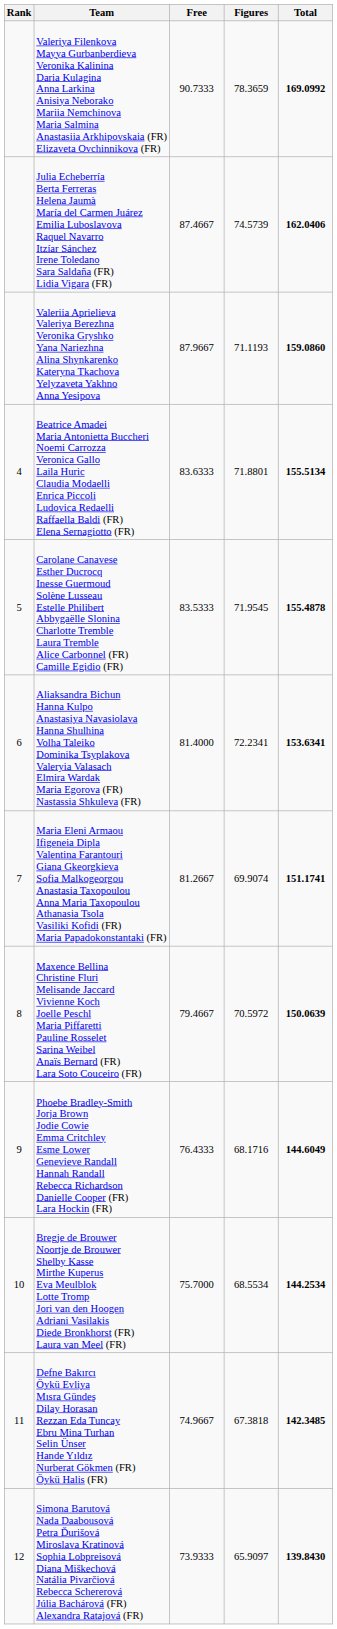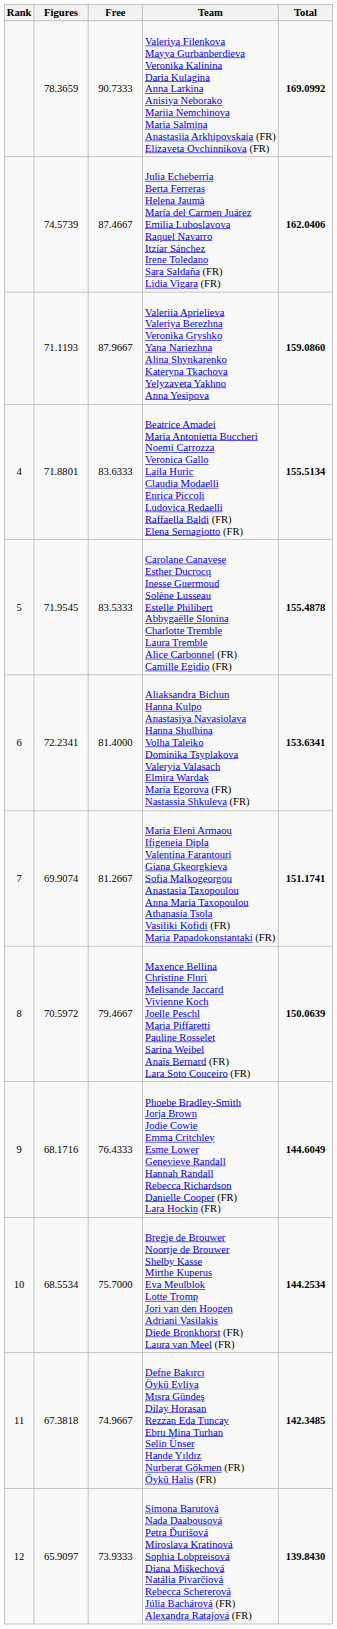 <table class="wikitable sortable" style="text-align:center">
 <tr>
 <th>Rank</th>
+<th width=75>Figures</th>
+<th width=75>Free</th>
 <th>Team</th>
-<th width=75>Free</th>
-<th width=75>Figures</th>
 <th width=75>Total</th>
 </tr>
 <tr>
 <td></td>
+<td>78.3659</td>
+<td>90.7333</td>
 <td align=left><br><a href='#'>Valeriya Filenkova</a><br><a href='#'>Mayya Gurbanberdieva</a><br><a href='#'>Veronika Kalinina</a><br><a href='#'>Daria Kulagina</a><br><a href='#'>Anna Larkina</a><br><a href='#'>Anisiya Neborako</a><br><a href='#'>Mariia Nemchinova</a><br><a href='#'>Maria Salmina</a><br><a href='#'>Anastasiia Arkhipovskaia</a> (FR)<br><a href='#'>Elizaveta Ovchinnikova</a> (FR)</td>
-<td>90.7333</td>
-<td>78.3659</td>
 <td><strong>169.0992</strong></td>
 </tr>
 <tr>
 <td></td>
+<td>74.5739</td>
+<td>87.4667</td>
 <td align=left><br><a href='#'>Julia Echeberría</a><br><a href='#'>Berta Ferreras</a><br><a href='#'>Helena Jaumà</a><br><a href='#'>María del Carmen Juárez</a><br><a href='#'>Emilia Luboslavova</a><br><a href='#'>Raquel Navarro</a><br><a href='#'>Itzíar Sánchez</a><br><a href='#'>Irene Toledano</a><br><a href='#'>Sara Saldaña</a> (FR)<br><a href='#'>Lidia Vigara</a> (FR)</td>
-<td>87.4667</td>
-<td>74.5739</td>
 <td><strong>162.0406</strong></td>
 </tr>
 <tr>
 <td></td>
+<td>71.1193</td>
+<td>87.9667</td>
 <td align=left><br><a href='#'>Valeriia Aprielieva</a><br><a href='#'>Valeriya Berezhna</a><br><a href='#'>Veronika Gryshko</a><br><a href='#'>Yana Nariezhna</a><br><a href='#'>Alina Shynkarenko</a><br><a href='#'>Kateryna Tkachova</a><br><a href='#'>Yelyzaveta Yakhno</a><br><a href='#'>Anna Yesipova</a></td>
-<td>87.9667</td>
-<td>71.1193</td>
 <td><strong>159.0860</strong></td>
 </tr>
 <tr>
 <td>4</td>
+<td>71.8801</td>
+<td>83.6333</td>
 <td align=left><br><a href='#'>Beatrice Amadei</a><br><a href='#'>Maria Antonietta Buccheri</a><br><a href='#'>Noemi Carrozza</a><br><a href='#'>Veronica Gallo</a><br><a href='#'>Laila Huric</a><br><a href='#'>Claudia Modaelli</a><br><a href='#'>Enrica Piccoli</a><br><a href='#'>Ludovica Redaelli</a><br><a href='#'>Raffaella Baldi</a> (FR)<br><a href='#'>Elena Sernagiotto</a> (FR)</td>
-<td>83.6333</td>
-<td>71.8801</td>
 <td><strong>155.5134</strong></td>
 </tr>
 <tr>
 <td>5</td>
+<td>71.9545</td>
+<td>83.5333</td>
 <td align=left><br><a href='#'>Carolane Canavese</a><br><a href='#'>Esther Ducrocq</a><br><a href='#'>Inesse Guermoud</a><br><a href='#'>Solène Lusseau</a><br><a href='#'>Estelle Philibert</a><br><a href='#'>Abbygaëlle Slonina</a><br><a href='#'>Charlotte Tremble</a><br><a href='#'>Laura Tremble</a><br><a href='#'>Alice Carbonnel</a> (FR)<br><a href='#'>Camille Egidio</a> (FR)</td>
-<td>83.5333</td>
-<td>71.9545</td>
 <td><strong>155.4878</strong></td>
 </tr>
 <tr>
 <td>6</td>
+<td>72.2341</td>
+<td>81.4000</td>
 <td align=left><br> <a href='#'>Aliaksandra Bichun</a><br> <a href='#'>Hanna Kulpo</a><br><a href='#'>Anastasiya Navasiolava</a><br><a href='#'>Hanna Shulhina</a><br><a href='#'>Volha Taleiko</a><br><a href='#'>Dominika Tsyplakova</a><br><a href='#'>Valeryia Valasach</a><br><a href='#'>Elmira Wardak</a><br><a href='#'>Maria Egorova</a> (FR)<br><a href='#'>Nastassia Shkuleva</a> (FR)</td>
-<td>81.4000</td>
-<td>72.2341</td>
 <td><strong>153.6341</strong></td>
 </tr>
 <tr>
 <td>7</td>
+<td>69.9074</td>
+<td>81.2667</td>
 <td align=left><br><a href='#'>Maria Eleni Armaou</a><br><a href='#'>Ifigeneia Dipla</a><br><a href='#'>Valentina Farantouri</a><br><a href='#'>Giana Gkeorgkieva</a><br><a href='#'>Sofia Malkogeorgou</a><br><a href='#'>Anastasia Taxopoulou</a><br><a href='#'>Anna Maria Taxopoulou</a><br><a href='#'>Athanasia Tsola</a><br><a href='#'>Vasiliki Kofidi</a> (FR)<br><a href='#'>Maria Papadokonstantaki</a> (FR)</td>
-<td>81.2667</td>
-<td>69.9074</td>
 <td><strong>151.1741</strong></td>
 </tr>
 <tr>
 <td>8</td>
+<td>70.5972</td>
+<td>79.4667</td>
 <td align=left><br><a href='#'>Maxence Bellina</a><br><a href='#'>Christine Fluri</a><br><a href='#'>Melisande Jaccard</a><br><a href='#'>Vivienne Koch</a><br><a href='#'>Joelle Peschl</a><br><a href='#'>Maria Piffaretti</a><br><a href='#'>Pauline Rosselet</a><br><a href='#'>Sarina Weibel</a><br><a href='#'>Anaïs Bernard</a> (FR)<br><a href='#'>Lara Soto Couceiro</a> (FR)</td>
-<td>79.4667</td>
-<td>70.5972</td>
 <td><strong>150.0639</strong></td>
 </tr>
 <tr>
 <td>9</td>
+<td>68.1716</td>
+<td>76.4333</td>
 <td align=left><br><a href='#'>Phoebe Bradley-Smith</a><br><a href='#'>Jorja Brown</a><br><a href='#'>Jodie Cowie</a><br><a href='#'>Emma Critchley</a><br><a href='#'>Esme Lower</a><br><a href='#'>Genevieve Randall</a><br><a href='#'>Hannah Randall</a><br><a href='#'>Rebecca Richardson</a><br><a href='#'>Danielle Cooper</a> (FR)<br> <a href='#'>Lara Hockin</a> (FR)</td>
-<td>76.4333</td>
-<td>68.1716</td>
 <td><strong>144.6049</strong></td>
 </tr>
 <tr>
 <td>10</td>
+<td>68.5534</td>
+<td>75.7000</td>
 <td align=left><br><a href='#'>Bregje de Brouwer</a><br><a href='#'>Noortje de Brouwer</a><br><a href='#'>Shelby Kasse</a><br><a href='#'>Mirthe Kuperus</a><br><a href='#'>Eva Meulblok</a><br><a href='#'>Lotte Tromp</a><br><a href='#'>Jori van den Hoogen</a><br><a href='#'>Adriani Vasilakis</a><br><a href='#'>Diede Bronkhorst</a> (FR)<br> <a href='#'>Laura van Meel</a> (FR)</td>
-<td>75.7000</td>
-<td>68.5534</td>
 <td><strong>144.2534</strong></td>
 </tr>
 <tr>
 <td>11</td>
+<td>67.3818</td>
+<td>74.9667</td>
 <td align=left><br><a href='#'>Defne Bakırcı</a><br><a href='#'>Öykü Evliya</a><br><a href='#'>Mısra Gündeş</a><br><a href='#'>Dilay Horasan</a><br><a href='#'>Rezzan Eda Tuncay</a><br><a href='#'>Ebru Mina Turhan</a><br><a href='#'>Selin Ünser</a><br><a href='#'>Hande Yıldız</a><br><a href='#'>Nurberat Gökmen</a> (FR)<br><a href='#'>Öykü Halis</a> (FR)</td>
-<td>74.9667</td>
-<td>67.3818</td>
 <td><strong>142.3485</strong></td>
 </tr>
 <tr>
 <td>12</td>
+<td>65.9097</td>
+<td>73.9333</td>
 <td align=left><br><a href='#'>Simona Barutová</a><br><a href='#'>Nada Daabousová</a><br><a href='#'>Petra Ďurišová</a><br><a href='#'>Miroslava Kratinová</a><br><a href='#'>Sophia Lobpreisová</a><br><a href='#'>Diana Miškechová</a><br><a href='#'>Natália Pivarčiová</a><br><a href='#'>Rebecca Schererová</a><br><a href='#'>Júlia Bachárová</a> (FR)<br><a href='#'>Alexandra Ratajová</a> (FR)</td>
-<td>73.9333</td>
-<td>65.9097</td>
 <td><strong>139.8430</strong></td>
 </tr>
 </table>
